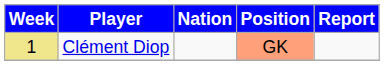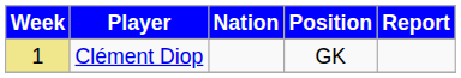 <table class="wikitable" style="font-size: 95%; text-align: center;">
 <tr>
 <th style="background:#00f; color:white; text-align:center;">Week</th>
 <th style="background:#00f; color:white; text-align:center;">Player</th>
 <th style="background:#00f; color:white; text-align:center;">Nation</th>
 <th style="background:#00f; color:white; text-align:center;">Position</th>
 <th style="background:#00f; color:white; text-align:center;">Report</th>
 </tr>
 <tr>
 <td style="background: khaki;">1</td>
 <td style="text-align:left;"><a href='#'>Clément Diop</a></td>
 <td style="text-align:left;"></td>
-<td style="background: lightsalmon;">GK</td>
+<td>GK</td>
 <td></td>
 </tr>
 <tr>
 </tr>
 </table>
